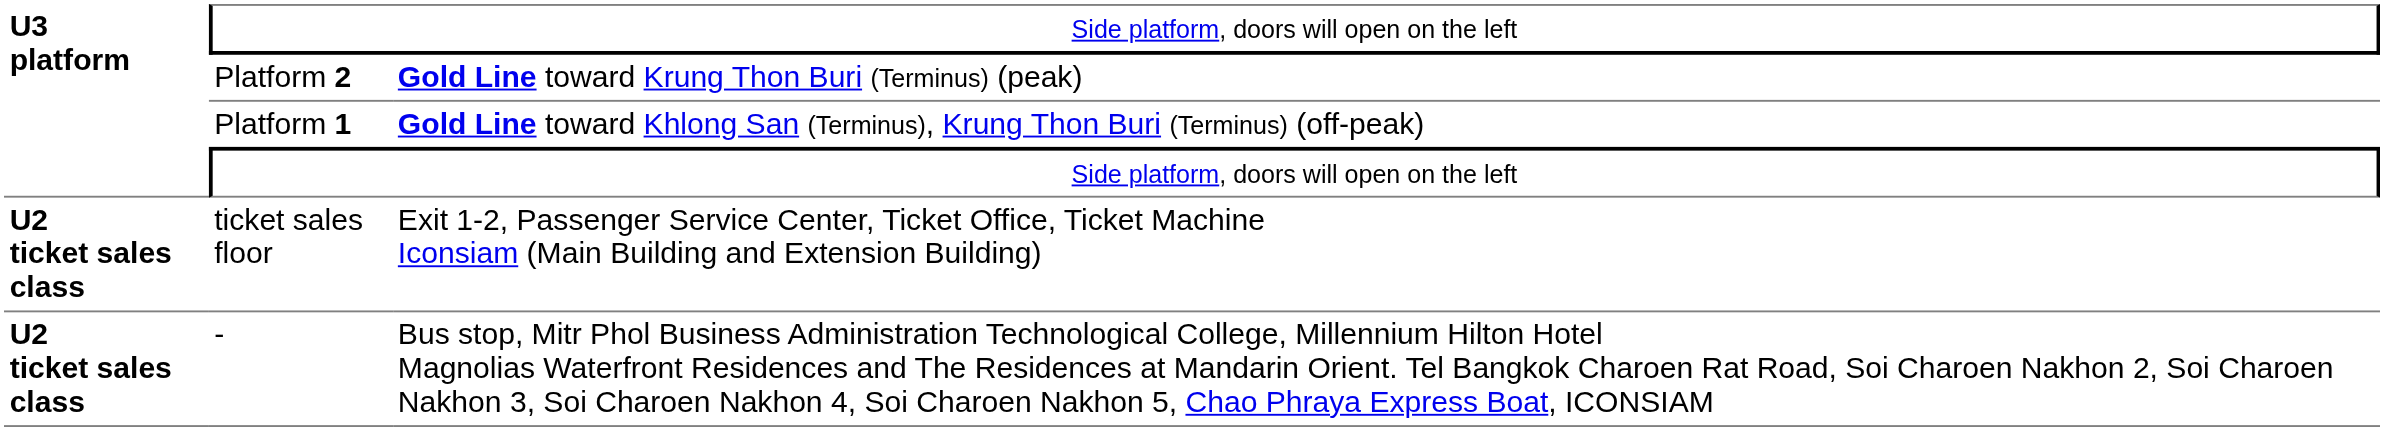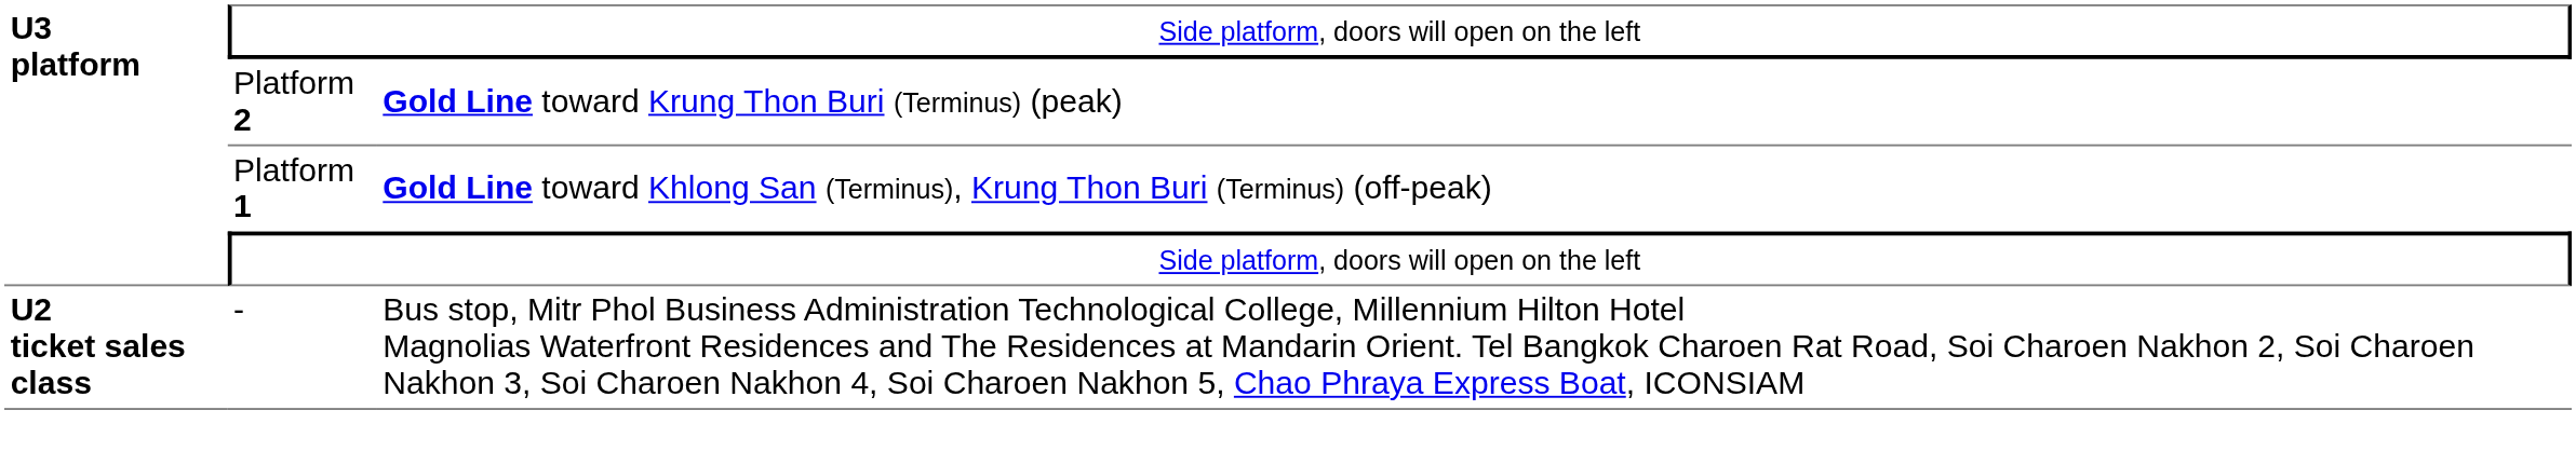 <table table border=0 cellspacing=0 cellpadding=3>
 <tr>
 <td style = "border-bottom:solid 1px gray;" rowspan=5 valign=top><strong>U3<br>platform<br></strong></td>
 </tr>
 <tr>
 <td style = "border-top:solid 1px gray;border-right:solid 2px black;border-left:solid 2px black;border-bottom:solid 2px black;text-align:center;" colspan=2><small><a href='#'>Side platform</a>, doors will open on the left</small></td>
 </tr>
 <tr>
 <td style = "border-bottom:solid 1px gray;">Platform <span><strong>2</strong></span></td>
 <td style = "border-bottom:solid 1px gray;"><a href='#'><span><span><strong>Gold Line</strong></span></span></a> toward <a href='#'>Krung Thon Buri</a> <small>(Terminus)</small> (peak)</td>
 </tr>
 <tr>
 <td>Platform <span><strong>1</strong></span></td>
 <td><a href='#'><span><span><strong>Gold Line</strong></span></span></a> toward <a href='#'>Khlong San</a> <small>(Terminus)</small>, <a href='#'>Krung Thon Buri</a> <small>(Terminus)</small> (off-peak)</td>
 </tr>
 <tr>
 <td style = "border-top:solid 2px black;border-right:solid 2px black;border-left:solid 2px black;border-bottom:solid 1px gray;text-align:center;" colspan=2><small><a href='#'>Side platform</a>, doors will open on the left</small></td>
 </tr>
 <tr>
 <td style = "border-bottom:solid 1px gray;" rowspan=1 valign=top><strong>U2<br>ticket sales class<br></strong></td>
-<td style = "border-bottom:solid 1px gray;" valign=top>ticket sales floor</td>
-<td style = "border-bottom:solid 1px gray;" valign=top>Exit 1-2, Passenger Service Center, Ticket Office, Ticket Machine<br><a href='#'>Iconsiam</a> (Main Building and Extension Building)</td>
-</tr>
-<tr>
-<td style = "border-bottom:solid 1px gray;" rowspan=1 valign=top><strong>U2<br>ticket sales class<br></strong></td>
 <td style = "border-bottom:solid 1px gray;" valign=top>-</td>
 <td style = "border-bottom:solid 1px gray;" valign=top>Bus stop, Mitr Phol Business Administration Technological College, Millennium Hilton Hotel<br>Magnolias Waterfront Residences and The Residences at Mandarin Orient. Tel Bangkok Charoen Rat Road, Soi Charoen Nakhon 2, Soi Charoen Nakhon 3, Soi Charoen Nakhon 4, Soi Charoen Nakhon 5, <a href='#'>Chao Phraya Express Boat</a>, ICONSIAM</td>
 </tr>
 </table>
